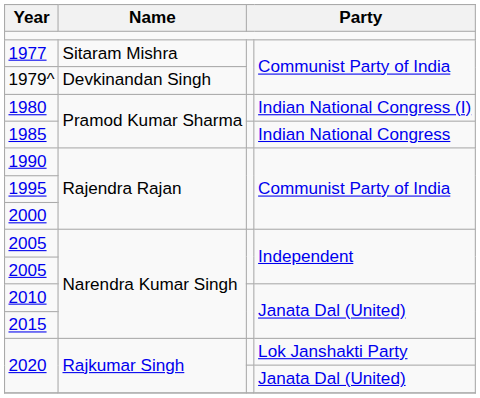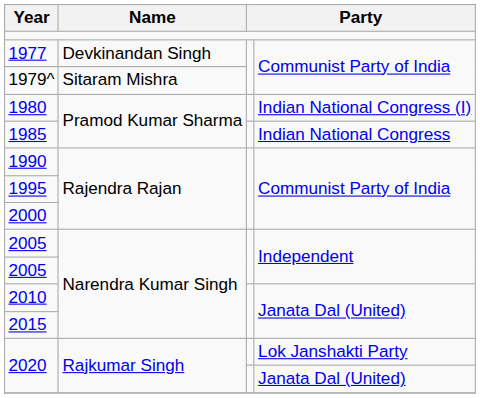 <table class="wikitable">
 <tr>
 <th>Year</th>
 <th>Name</th>
 <th colspan="2">Party</th>
 </tr>
 <tr>
 <td colspan="4"></td>
 </tr>
 <tr>
 <td><a href='#'>1977</a></td>
-<td>Sitaram Mishra</td>
+<td>Devkinandan Singh</td>
 <td rowspan="2" style="background-color: "></td>
 <td rowspan="2"><a href='#'>Communist Party of India</a></td>
 </tr>
 <tr>
 <td>1979^</td>
-<td>Devkinandan Singh</td>
+<td>Sitaram Mishra</td>
 </tr>
 <tr>
 <td><a href='#'>1980</a></td>
 <td rowspan="2">Pramod Kumar Sharma</td>
 <td style="background-color: "></td>
 <td><a href='#'>Indian National Congress (I)</a></td>
 </tr>
 <tr>
 <td><a href='#'>1985</a></td>
 <td style="background-color: "></td>
 <td><a href='#'>Indian National Congress</a></td>
 </tr>
 <tr>
 <td><a href='#'>1990</a></td>
 <td rowspan="3">Rajendra Rajan</td>
 <td rowspan="3" style="background-color: "></td>
 <td rowspan="3"><a href='#'>Communist Party of India</a></td>
 </tr>
 <tr>
 <td><a href='#'>1995</a></td>
 </tr>
 <tr>
 <td><a href='#'>2000</a></td>
 </tr>
 <tr>
 <td><a href='#'>2005</a></td>
 <td rowspan="4">Narendra Kumar Singh</td>
 <td rowspan="2" style="background-color: "></td>
 <td rowspan="2"><a href='#'>Independent</a></td>
 </tr>
 <tr>
 <td><a href='#'>2005</a></td>
 </tr>
 <tr>
 <td><a href='#'>2010</a></td>
 <td rowspan="2" style="background-color: "></td>
 <td rowspan="2"><a href='#'>Janata Dal (United)</a></td>
 </tr>
 <tr>
 <td><a href='#'>2015</a></td>
 </tr>
 <tr>
 <td rowspan="2"><a href='#'>2020</a></td>
 <td rowspan="2"><a href='#'>Rajkumar Singh</a></td>
 <td style="background-color: "></td>
 <td><a href='#'>Lok Janshakti Party</a></td>
 </tr>
 <tr>
 <td style="background-color: "></td>
 <td><a href='#'>Janata Dal (United)</a></td>
 </tr>
 <tr>
 </tr>
 </table>
